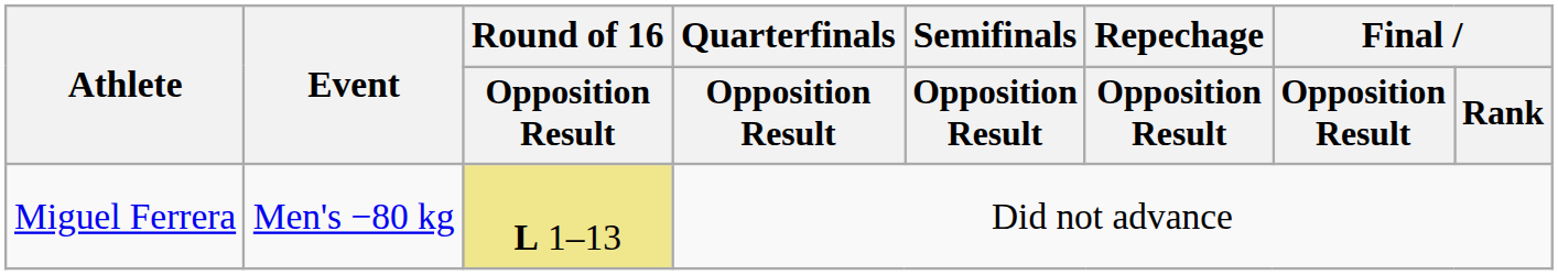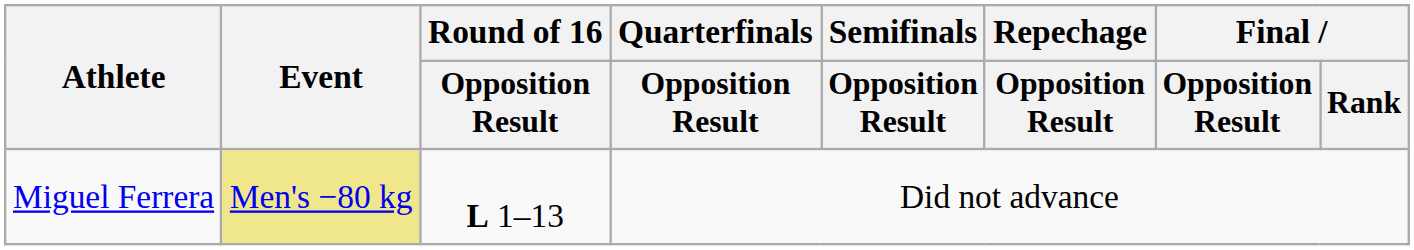 <table class="wikitable" style="font-size:90%;">
 <tr>
 <th rowspan=2>Athlete</th>
 <th rowspan=2>Event</th>
 <th>Round of 16</th>
 <th>Quarterfinals</th>
 <th>Semifinals</th>
 <th>Repechage</th>
 <th colspan=2>Final / </th>
 </tr>
 <tr style="font-size:95%">
 <th>Opposition<br>Result</th>
 <th>Opposition<br>Result</th>
 <th>Opposition<br>Result</th>
 <th>Opposition<br>Result</th>
 <th>Opposition<br>Result</th>
 <th>Rank</th>
 </tr>
 <tr align=center>
 <td align=left><a href='#'>Miguel Ferrera</a></td>
-<td align=left><a href='#'>Men's −80 kg</a></td>
-<td style="background: khaki;"><br><strong>L</strong> 1–13 </td>
+<td align=left style="background: khaki;"><a href='#'>Men's −80 kg</a></td>
+<td><br><strong>L</strong> 1–13 </td>
 <td colspan=5>Did not advance</td>
 </tr>
 </table>
